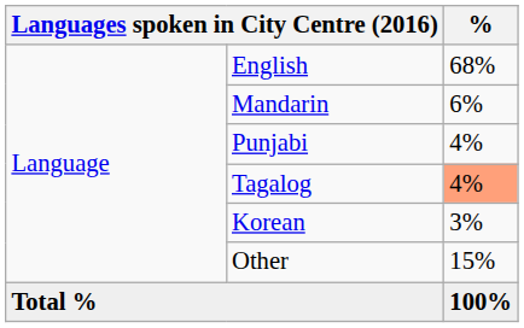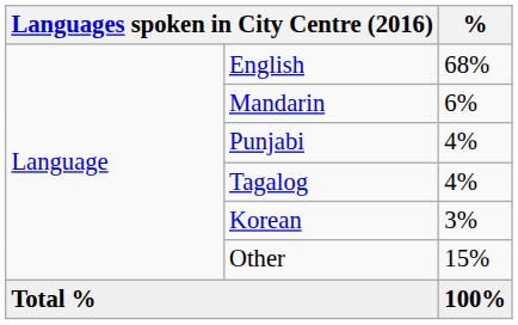 <table class="wikitable">
 <tr>
 <th colspan=2><a href='#'>Languages</a> spoken in City Centre (2016)<br></th>
 <th>%</th>
 </tr>
 <tr>
 <td rowspan=6><a href='#'>Language</a></td>
 <td><a href='#'>English</a></td>
 <td>68%</td>
 </tr>
 <tr>
 <td><a href='#'>Mandarin</a></td>
 <td>6%</td>
 </tr>
 <tr>
 <td><a href='#'>Punjabi</a></td>
 <td>4%</td>
 </tr>
 <tr>
 <td><a href='#'>Tagalog</a></td>
-<td style="background: lightsalmon;">4%</td>
+<td>4%</td>
 </tr>
 <tr>
 <td><a href='#'>Korean</a></td>
 <td>3%</td>
 </tr>
 <tr>
 <td>Other</td>
 <td>15%</td>
 </tr>
 <tr style="background:#efefef; font-weight:bold">
 <td colspan=2>Total %</td>
 <td>100%</td>
 </tr>
 </table>
